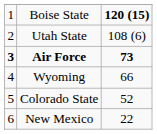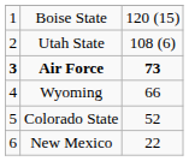 <table class="wikitable" style="display: inline-table;">
 <tr align="center">
 </tr>
 <tr align="center">
 <td>1</td>
 <td>Boise State</td>
-<td><strong>120 (15)</strong></td>
+<td>120 (15)</td>
 </tr>
 <tr align="center">
 <td>2</td>
 <td>Utah State</td>
 <td>108 (6)</td>
 </tr>
 <tr align="center">
 <td><strong>3</strong></td>
 <td><strong>Air Force</strong></td>
 <td><strong>73</strong></td>
 </tr>
 <tr align="center">
 <td>4</td>
 <td>Wyoming</td>
 <td>66</td>
 </tr>
 <tr align="center">
 <td>5</td>
 <td>Colorado State</td>
 <td>52</td>
 </tr>
 <tr align="center">
 <td>6</td>
 <td>New Mexico</td>
 <td>22</td>
 </tr>
 </table>
